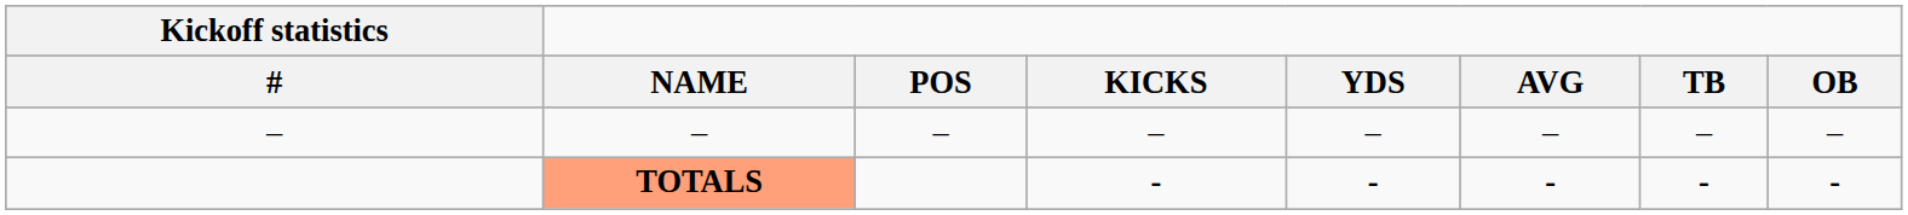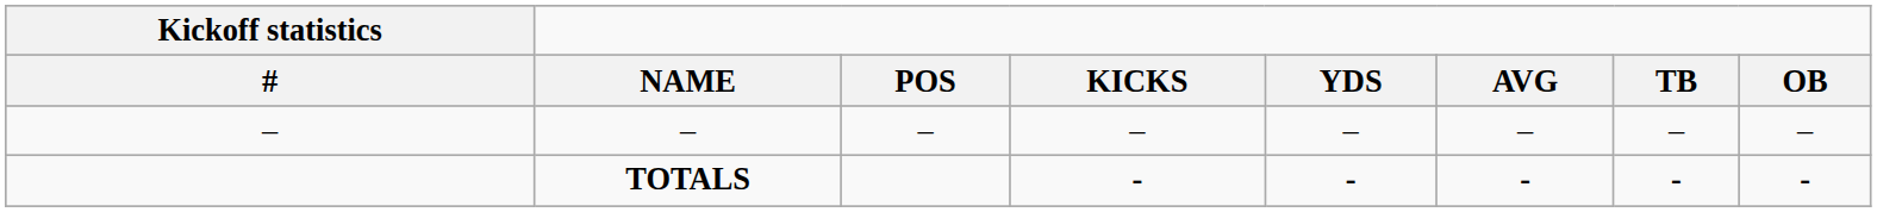 <table style="width:60%; text-align:center;" class="wikitable collapsible collapsed">
 <tr>
 <th style="text-align:center; ">Kickoff statistics</th>
 </tr>
 <tr>
 <th>#</th>
 <th>NAME</th>
 <th>POS</th>
 <th>KICKS</th>
 <th>YDS</th>
 <th>AVG</th>
 <th>TB</th>
 <th>OB</th>
 </tr>
 <tr>
 <td>–</td>
 <td>–</td>
 <td>–</td>
 <td>–</td>
 <td>–</td>
 <td>–</td>
 <td>–</td>
 <td>–</td>
 </tr>
 <tr>
 <td></td>
-<td style="background: lightsalmon;"><strong>TOTALS</strong></td>
+<td><strong>TOTALS</strong></td>
 <td></td>
 <td><strong>-</strong></td>
 <td><strong>-</strong></td>
 <td><strong>-</strong></td>
 <td><strong>-</strong></td>
 <td><strong>-</strong></td>
 </tr>
 </table>
